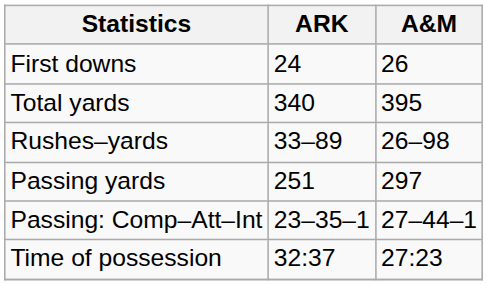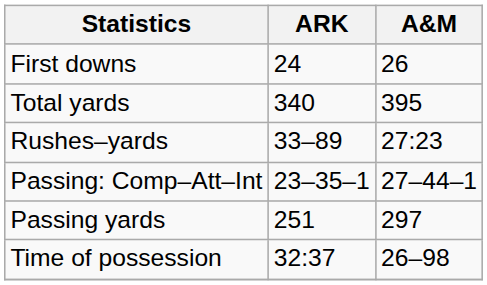 <table class="wikitable" style="float: left;">
 <tr>
 <th>Statistics</th>
 <th>ARK</th>
 <th>A&M</th>
 </tr>
 <tr>
 <td>First downs</td>
 <td>24</td>
 <td>26</td>
 </tr>
 <tr>
 <td>Total yards</td>
 <td>340</td>
 <td>395</td>
 </tr>
 <tr>
 <td>Rushes–yards</td>
 <td>33–89</td>
-<td>26–98</td>
+<td>27:23</td>
+</tr>
+<tr>
+<td>Passing: Comp–Att–Int</td>
+<td>23–35–1</td>
+<td>27–44–1</td>
 </tr>
 <tr>
 <td>Passing yards</td>
 <td>251</td>
 <td>297</td>
 </tr>
 <tr>
-<td>Passing: Comp–Att–Int</td>
-<td>23–35–1</td>
-<td>27–44–1</td>
-</tr>
-<tr>
 <td>Time of possession</td>
 <td>32:37</td>
-<td>27:23</td>
+<td>26–98</td>
 </tr>
 <tr>
 </tr>
 </table>
